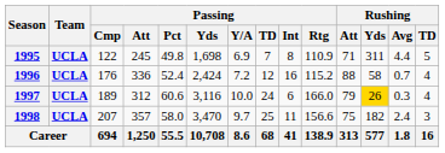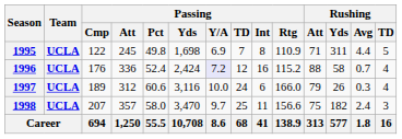 <table class="wikitable" style="text-align:center;">
 <tr>
 <th rowspan="2">Season</th>
 <th rowspan="2">Team</th>
 <th colspan="8">Passing</th>
 <th colspan="4">Rushing</th>
 </tr>
 <tr>
 <th>Cmp</th>
 <th>Att</th>
 <th>Pct</th>
 <th>Yds</th>
 <th>Y/A</th>
 <th>TD</th>
 <th>Int</th>
 <th>Rtg</th>
 <th>Att</th>
 <th>Yds</th>
 <th>Avg</th>
 <th>TD</th>
 </tr>
 <tr>
 <th><a href='#'>1995</a></th>
 <th><a href='#'>UCLA</a></th>
 <td>122</td>
 <td>245</td>
 <td>49.8</td>
 <td>1,698</td>
 <td>6.9</td>
 <td>7</td>
 <td>8</td>
 <td>110.9</td>
 <td>71</td>
 <td>311</td>
 <td>4.4</td>
 <td>5</td>
 </tr>
 <tr>
 <th><a href='#'>1996</a></th>
 <th><a href='#'>UCLA</a></th>
 <td>176</td>
 <td>336</td>
 <td>52.4</td>
 <td>2,424</td>
-<td>7.2</td>
+<td style="background: lavender;">7.2</td>
 <td>12</td>
 <td>16</td>
 <td>115.2</td>
 <td>88</td>
 <td>58</td>
 <td>0.7</td>
 <td>4</td>
 </tr>
 <tr>
 <th><a href='#'>1997</a></th>
 <th><a href='#'>UCLA</a></th>
 <td>189</td>
 <td>312</td>
 <td>60.6</td>
 <td>3,116</td>
 <td>10.0</td>
 <td>24</td>
 <td>6</td>
 <td>166.0</td>
 <td>79</td>
-<td style="background: gold;">26</td>
+<td>26</td>
 <td>0.3</td>
 <td>4</td>
 </tr>
 <tr>
 <th><a href='#'>1998</a></th>
 <th><a href='#'>UCLA</a></th>
 <td>207</td>
 <td>357</td>
 <td>58.0</td>
 <td>3,470</td>
 <td>9.7</td>
 <td>25</td>
 <td>11</td>
 <td>156.6</td>
 <td>75</td>
 <td>182</td>
 <td>2.4</td>
 <td>3</td>
 </tr>
 <tr>
 <th colspan="2">Career</th>
 <th>694</th>
 <th>1,250</th>
 <th>55.5</th>
 <th>10,708</th>
 <th>8.6</th>
 <th>68</th>
 <th>41</th>
 <th>138.9</th>
 <th>313</th>
 <th>577</th>
 <th>1.8</th>
 <th>16</th>
 </tr>
 </table>
